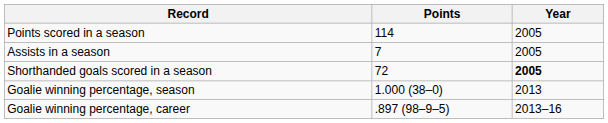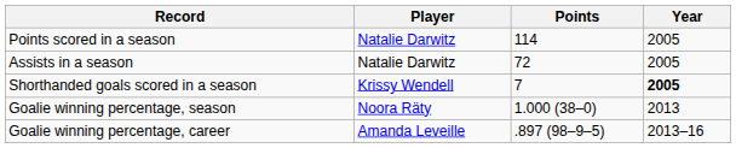 <table class="wikitable" style="width: 50em">
 <tr>
 <th>Record</th>
+<th>Player</th>
 <th>Points</th>
 <th>Year</th>
 </tr>
 <tr>
 <td>Points scored in a season</td>
+<td><a href='#'>Natalie Darwitz</a></td>
 <td>114</td>
 <td>2005</td>
 </tr>
 <tr>
 <td>Assists in a season</td>
-<td>7</td>
+<td>Natalie Darwitz</td>
+<td>72</td>
 <td>2005</td>
 </tr>
 <tr>
 <td>Shorthanded goals scored in a season</td>
-<td>72</td>
+<td><a href='#'>Krissy Wendell</a></td>
+<td>7</td>
 <td><strong>2005</strong></td>
 </tr>
 <tr>
 <td>Goalie winning percentage, season</td>
+<td><a href='#'>Noora Räty</a></td>
 <td>1.000 (38–0)</td>
 <td>2013</td>
 </tr>
 <tr>
 <td>Goalie winning percentage, career</td>
+<td><a href='#'>Amanda Leveille</a></td>
 <td>.897 (98–9–5)</td>
 <td>2013–16</td>
 </tr>
 </table>
